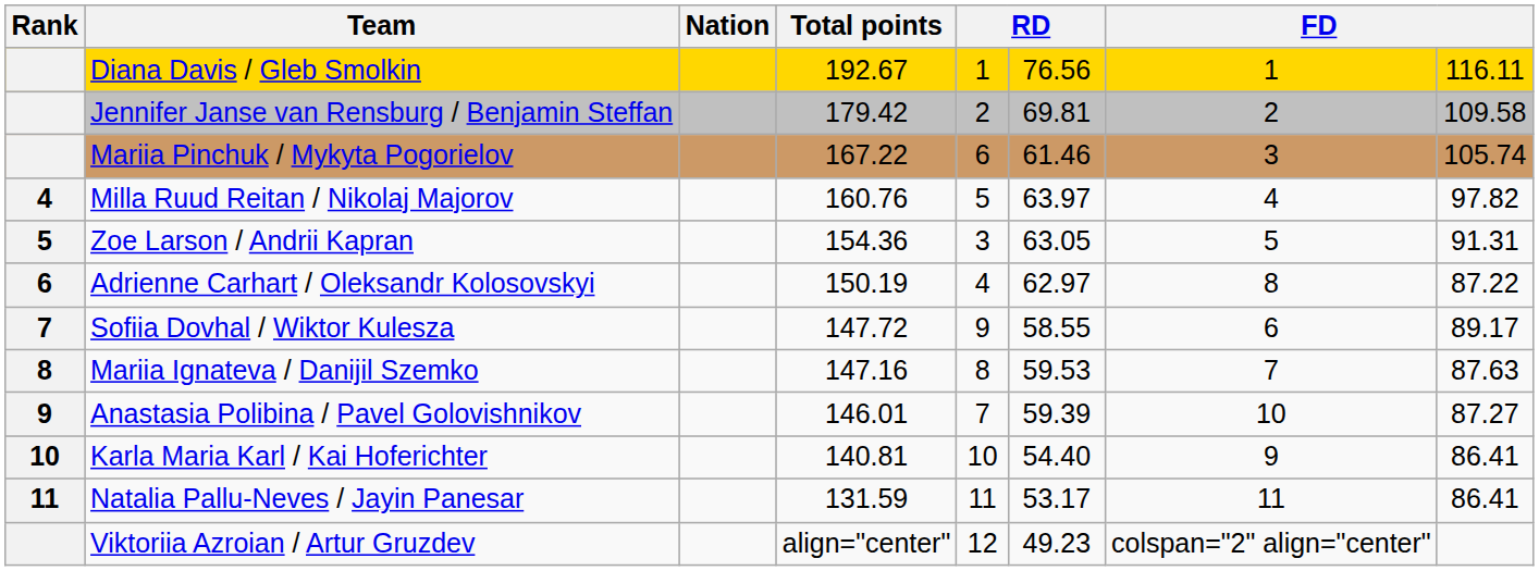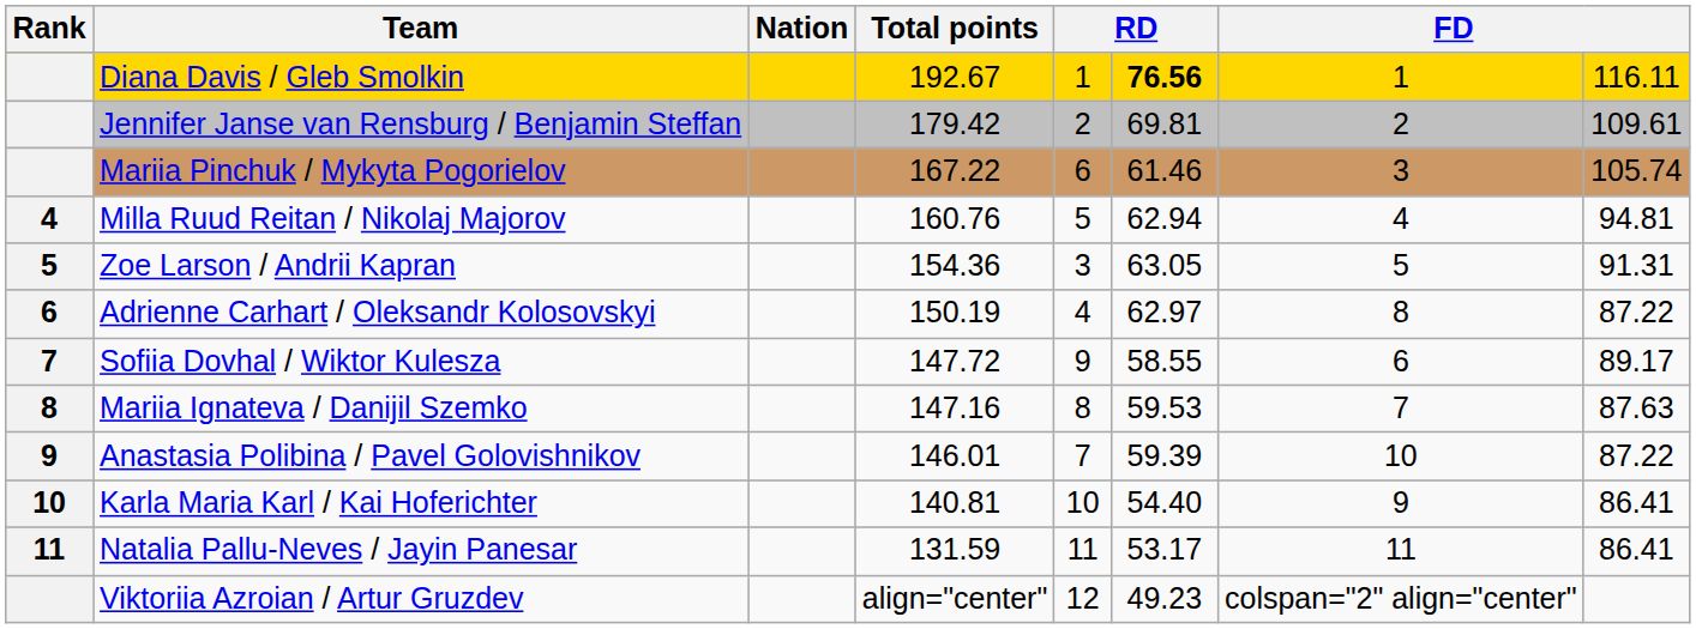 <table class="wikitable sortable" style="text-align:left">
 <tr>
 <th scope="col">Rank</th>
 <th scope="col">Team</th>
 <th scope="col">Nation</th>
 <th scope="col">Total points</th>
 <th scope="col" colspan="2" width="80px"><a href='#'>RD</a></th>
 <th scope="col" colspan="2" width="80px"><a href='#'>FD</a></th>
 </tr>
 <tr bgcolor="gold">
 <th scope="row"></th>
 <td><a href='#'>Diana Davis</a> / <a href='#'>Gleb Smolkin</a></td>
 <td></td>
 <td align="center">192.67</td>
 <td align="center">1</td>
-<td align="center">76.56</td>
+<td align="center"><strong>76.56</strong></td>
 <td align="center">1</td>
 <td align="center">116.11</td>
 </tr>
 <tr bgcolor="silver">
 <th scope="row"></th>
 <td><a href='#'>Jennifer Janse van Rensburg</a> / <a href='#'>Benjamin Steffan</a></td>
 <td></td>
 <td align="center">179.42</td>
 <td align="center">2</td>
 <td align="center">69.81</td>
 <td align="center">2</td>
-<td align="center">109.58</td>
+<td align="center">109.61</td>
 </tr>
 <tr bgcolor="cc9966">
 <th scope="row"></th>
 <td><a href='#'>Mariia Pinchuk</a> / <a href='#'>Mykyta Pogorielov</a></td>
 <td></td>
 <td align="center">167.22</td>
 <td align="center">6</td>
 <td align="center">61.46</td>
 <td align="center">3</td>
 <td align="center">105.74</td>
 </tr>
 <tr>
 <th scope="row">4</th>
 <td><a href='#'>Milla Ruud Reitan</a> / <a href='#'>Nikolaj Majorov</a></td>
 <td></td>
 <td align="center">160.76</td>
 <td align="center">5</td>
-<td align="center">63.97</td>
+<td align="center">62.94</td>
 <td align="center">4</td>
-<td align="center">97.82</td>
+<td align="center">94.81</td>
 </tr>
 <tr>
 <th scope="row">5</th>
 <td><a href='#'>Zoe Larson</a> / <a href='#'>Andrii Kapran</a></td>
 <td></td>
 <td align="center">154.36</td>
 <td align="center">3</td>
 <td align="center">63.05</td>
 <td align="center">5</td>
 <td align="center">91.31</td>
 </tr>
 <tr>
 <th scope="row">6</th>
 <td><a href='#'>Adrienne Carhart</a> / <a href='#'>Oleksandr Kolosovskyi</a></td>
 <td></td>
 <td align="center">150.19</td>
 <td align="center">4</td>
 <td align="center">62.97</td>
 <td align="center">8</td>
 <td align="center">87.22</td>
 </tr>
 <tr>
 <th scope="row">7</th>
 <td><a href='#'>Sofiia Dovhal</a> / <a href='#'>Wiktor Kulesza</a></td>
 <td></td>
 <td align="center">147.72</td>
 <td align="center">9</td>
 <td align="center">58.55</td>
 <td align="center">6</td>
 <td align="center">89.17</td>
 </tr>
 <tr>
 <th scope="row">8</th>
 <td><a href='#'>Mariia Ignateva</a> / <a href='#'>Danijil Szemko</a></td>
 <td></td>
 <td align="center">147.16</td>
 <td align="center">8</td>
 <td align="center">59.53</td>
 <td align="center">7</td>
 <td align="center">87.63</td>
 </tr>
 <tr>
 <th scope="row">9</th>
 <td><a href='#'>Anastasia Polibina</a> / <a href='#'>Pavel Golovishnikov</a></td>
 <td></td>
 <td align="center">146.01</td>
 <td align="center">7</td>
 <td align="center">59.39</td>
 <td align="center">10</td>
-<td align="center">87.27</td>
+<td align="center">87.22</td>
 </tr>
 <tr>
 <th scope="row">10</th>
 <td><a href='#'>Karla Maria Karl</a> / <a href='#'>Kai Hoferichter</a></td>
 <td></td>
 <td align="center">140.81</td>
 <td align="center">10</td>
 <td align="center">54.40</td>
 <td align="center">9</td>
 <td align="center">86.41</td>
 </tr>
 <tr>
 <th scope="row">11</th>
 <td><a href='#'>Natalia Pallu-Neves</a> / <a href='#'>Jayin Panesar</a></td>
 <td></td>
 <td align="center">131.59</td>
 <td align="center">11</td>
 <td align="center">53.17</td>
 <td align="center">11</td>
 <td align="center">86.41</td>
 </tr>
 <tr>
 <th scope="row"></th>
 <td><a href='#'>Viktoriia Azroian</a> / <a href='#'>Artur Gruzdev</a></td>
 <td></td>
 <td>align="center" </td>
 <td align="center">12</td>
 <td align="center">49.23</td>
 <td>colspan="2" align="center" </td>
 </tr>
 </table>
